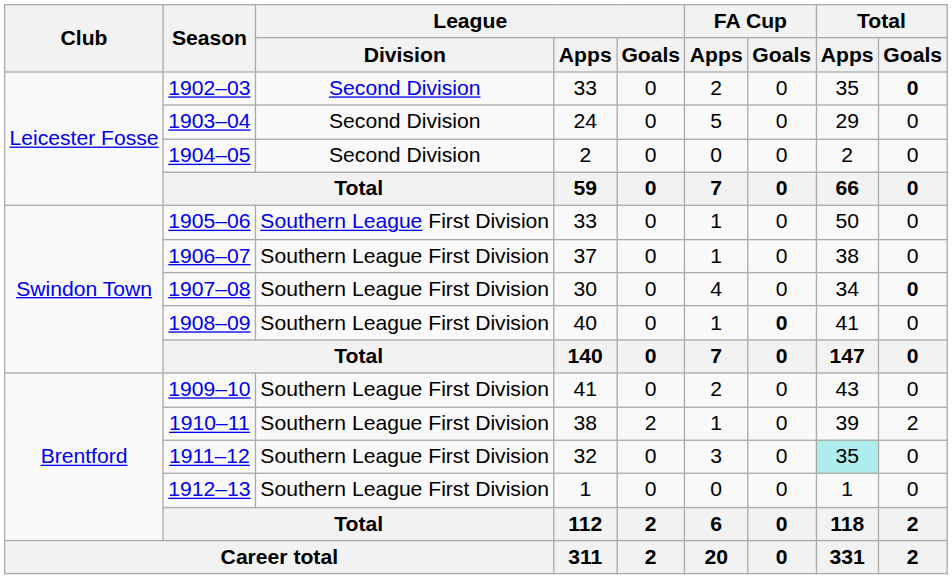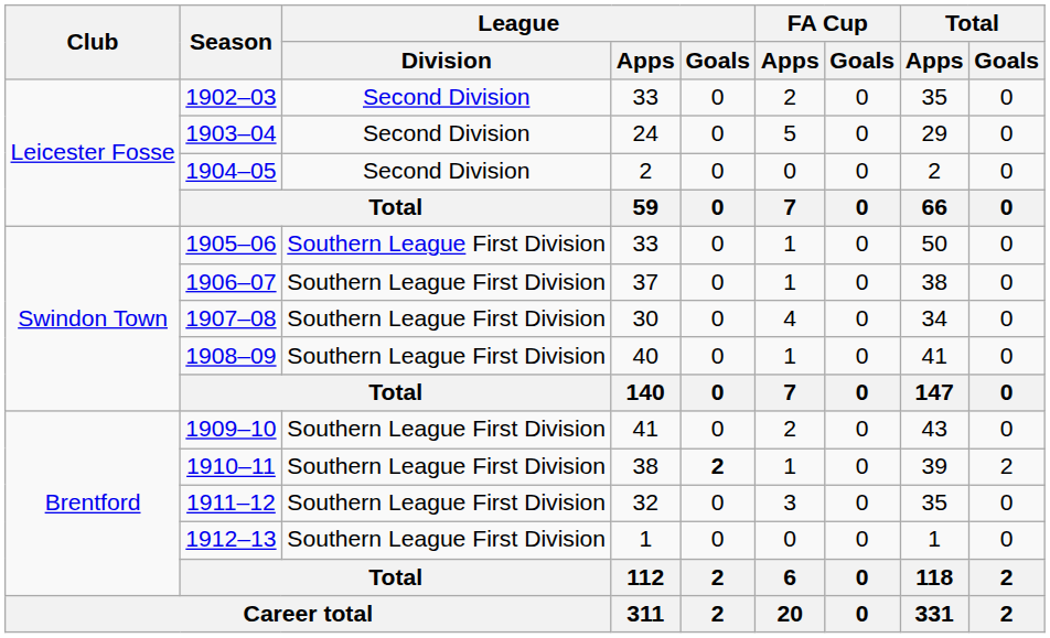 <table class="wikitable" style="text-align: center;">
 <tr>
 <th rowspan="2">Club</th>
 <th rowspan="2">Season</th>
 <th colspan="3">League</th>
 <th colspan="2">FA Cup</th>
 <th colspan="2">Total</th>
 </tr>
 <tr>
 <th>Division</th>
 <th>Apps</th>
 <th>Goals</th>
 <th>Apps</th>
 <th>Goals</th>
 <th>Apps</th>
 <th>Goals</th>
 </tr>
 <tr>
 <td rowspan="4"><a href='#'>Leicester Fosse</a></td>
 <td><a href='#'>1902–03</a></td>
 <td><a href='#'>Second Division</a></td>
 <td>33</td>
 <td>0</td>
 <td>2</td>
 <td>0</td>
 <td>35</td>
-<td><strong>0</strong></td>
+<td>0</td>
 </tr>
 <tr>
 <td><a href='#'>1903–04</a></td>
 <td>Second Division</td>
 <td>24</td>
 <td>0</td>
 <td>5</td>
 <td>0</td>
 <td>29</td>
 <td>0</td>
 </tr>
 <tr>
 <td><a href='#'>1904–05</a></td>
 <td>Second Division</td>
 <td>2</td>
 <td>0</td>
 <td>0</td>
 <td>0</td>
 <td>2</td>
 <td>0</td>
 </tr>
 <tr>
 <th colspan="2">Total</th>
 <th>59</th>
 <th>0</th>
 <th>7</th>
 <th>0</th>
 <th>66</th>
 <th>0</th>
 </tr>
 <tr>
 <td rowspan="5"><a href='#'>Swindon Town</a></td>
 <td><a href='#'>1905–06</a></td>
 <td><a href='#'>Southern League</a> First Division</td>
 <td>33</td>
 <td>0</td>
 <td>1</td>
 <td>0</td>
 <td>50</td>
 <td>0</td>
 </tr>
 <tr>
 <td><a href='#'>1906–07</a></td>
 <td>Southern League First Division</td>
 <td>37</td>
 <td>0</td>
 <td>1</td>
 <td>0</td>
 <td>38</td>
 <td>0</td>
 </tr>
 <tr>
 <td><a href='#'>1907–08</a></td>
 <td>Southern League First Division</td>
 <td>30</td>
 <td>0</td>
 <td>4</td>
 <td>0</td>
 <td>34</td>
-<td><strong>0</strong></td>
+<td>0</td>
 </tr>
 <tr>
 <td><a href='#'>1908–09</a></td>
 <td>Southern League First Division</td>
 <td>40</td>
 <td>0</td>
 <td>1</td>
-<td><strong>0</strong></td>
+<td>0</td>
 <td>41</td>
 <td>0</td>
 </tr>
 <tr>
 <th colspan="2">Total</th>
 <th>140</th>
 <th>0</th>
 <th>7</th>
 <th>0</th>
 <th>147</th>
 <th>0</th>
 </tr>
 <tr>
 <td rowspan="5"><a href='#'>Brentford</a></td>
 <td><a href='#'>1909–10</a></td>
 <td>Southern League First Division</td>
 <td>41</td>
 <td>0</td>
 <td>2</td>
 <td>0</td>
 <td>43</td>
 <td>0</td>
 </tr>
 <tr>
 <td><a href='#'>1910–11</a></td>
 <td>Southern League First Division</td>
 <td>38</td>
-<td>2</td>
+<td><strong>2</strong></td>
 <td>1</td>
 <td>0</td>
 <td>39</td>
 <td>2</td>
 </tr>
 <tr>
 <td><a href='#'>1911–12</a></td>
 <td>Southern League First Division</td>
 <td>32</td>
 <td>0</td>
 <td>3</td>
 <td>0</td>
-<td style="background: paleturquoise;">35</td>
+<td>35</td>
 <td>0</td>
 </tr>
 <tr>
 <td><a href='#'>1912–13</a></td>
 <td>Southern League First Division</td>
 <td>1</td>
 <td>0</td>
 <td>0</td>
 <td>0</td>
 <td>1</td>
 <td>0</td>
 </tr>
 <tr>
 <th colspan="2">Total</th>
 <th>112</th>
 <th>2</th>
 <th>6</th>
 <th>0</th>
 <th>118</th>
 <th>2</th>
 </tr>
 <tr>
 <th colspan="3">Career total</th>
 <th>311</th>
 <th>2</th>
 <th>20</th>
 <th>0</th>
 <th>331</th>
 <th>2</th>
 </tr>
 </table>
